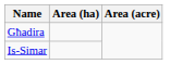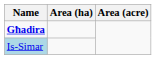 <table class="wikitable">
 <tr>
 <th scope="col" align=left>Name</th>
 <th scope="col">Area (ha)</th>
 <th scope="col">Area (acre)</th>
 </tr>
 <tr ---->
-<td><a href='#'>Għadira</a></td>
+<td><strong><a href='#'>Għadira</a></strong></td>
 <td></td>
 </tr>
 <tr ---->
-<td><a href='#'>Is-Simar</a></td>
+<td style="background: lightblue;"><a href='#'>Is-Simar</a></td>
 <td></td>
 </tr>
 </table>
